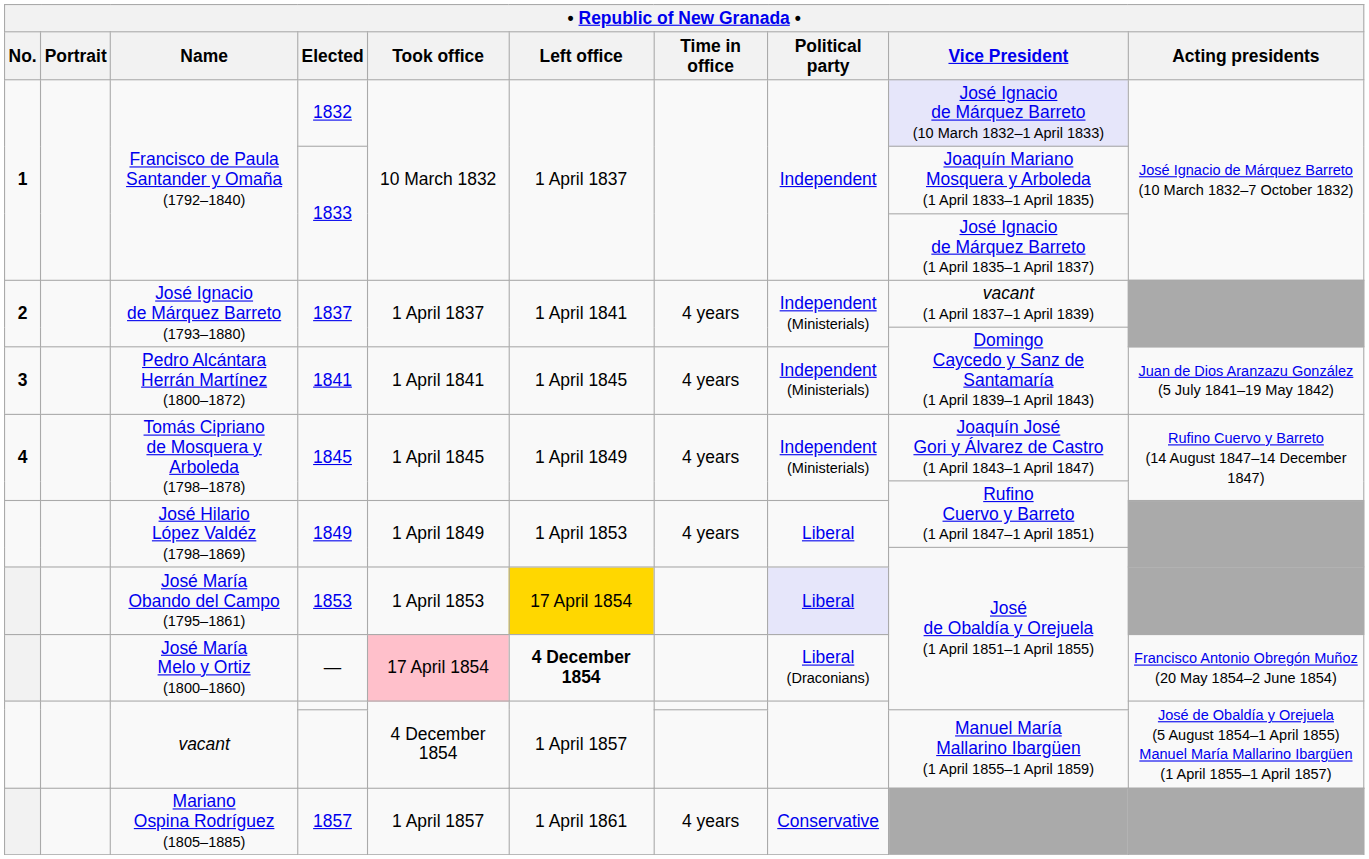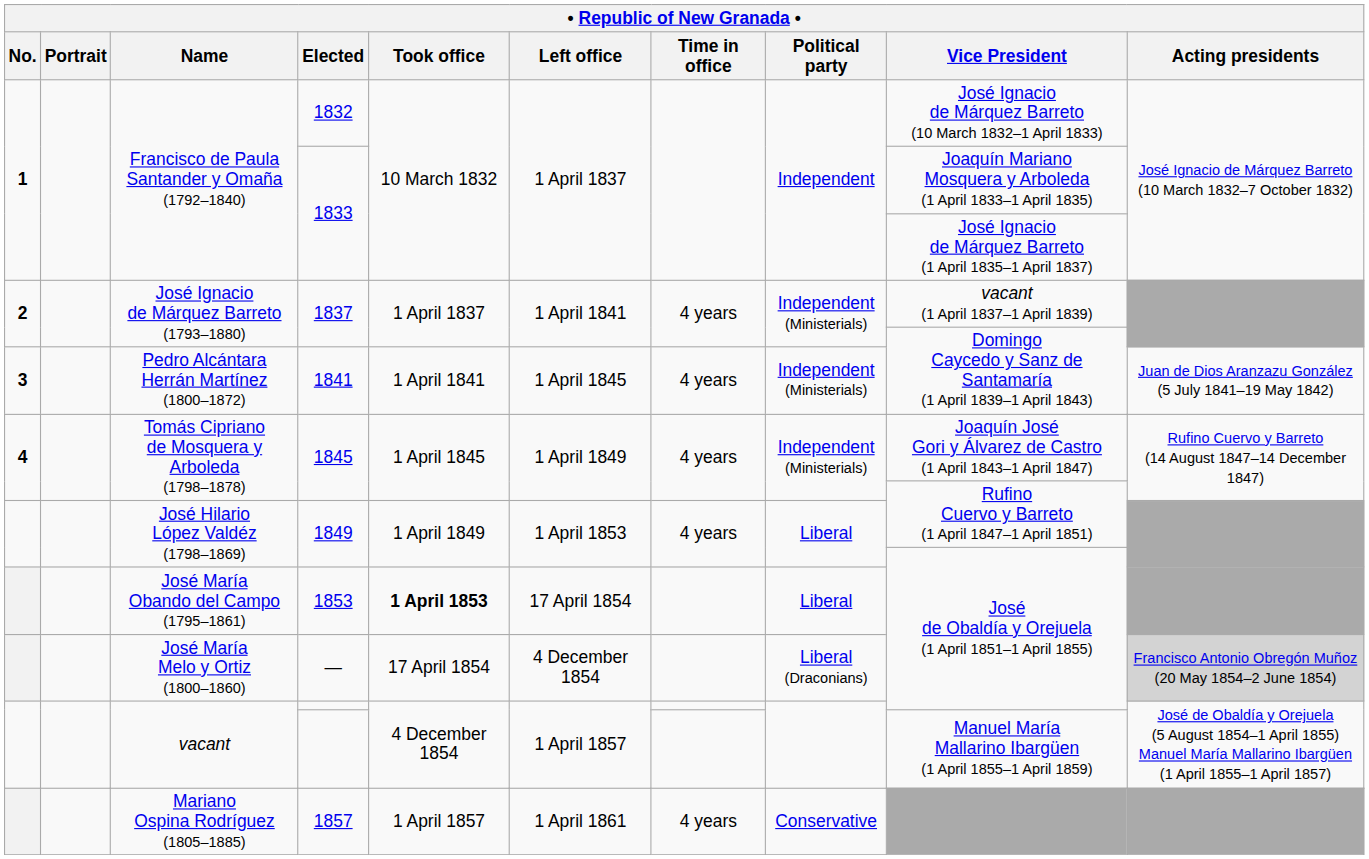 <table class="wikitable" style="text-align: center;">
 <tr>
 <th colspan="10"> • <a href='#'>Republic of New Granada</a> • </th>
 </tr>
 <tr>
 <th>No.<br></th>
 <th>Portrait</th>
 <th>Name<br></th>
 <th>Elected</th>
 <th>Took office</th>
 <th>Left office</th>
 <th><strong>Time in office</strong></th>
 <th>Political party</th>
 <th><a href='#'>Vice President</a></th>
 <th>Acting presidents</th>
 </tr>
 <tr>
 <td rowspan="3"><strong>1</strong></td>
 <td rowspan="3"></td>
 <td rowspan="3"><a href='#'>Francisco de Paula<br>Santander y Omaña</a><br><small>(1792–1840)</small><br></td>
 <td><a href='#'>1832</a></td>
 <td rowspan="3">10 March 1832</td>
 <td rowspan="3">1 April 1837</td>
 <td rowspan="3"></td>
 <td rowspan="3"><a href='#'>Independent</a></td>
-<td style="background: lavender;"><a href='#'>José Ignacio<br>de Márquez Barreto</a><br><small>(10 March 1832–1 April 1833)</small></td>
+<td><a href='#'>José Ignacio<br>de Márquez Barreto</a><br><small>(10 March 1832–1 April 1833)</small></td>
 <td rowspan="3"><small><a href='#'>José Ignacio de Márquez Barreto</a></small><br><small>(10 March 1832–7 October 1832)</small></td>
 </tr>
 <tr>
 <td rowspan="2"><a href='#'>1833</a></td>
 <td><a href='#'>Joaquín Mariano<br>Mosquera y Arboleda</a><br><small>(1 April 1833–1 April 1835)</small></td>
 </tr>
 <tr>
 <td><a href='#'>José Ignacio<br>de Márquez Barreto</a><br><small>(1 April 1835–1 April 1837)</small></td>
 </tr>
 <tr>
 <td rowspan="2"><strong>2</strong></td>
 <td rowspan="2"></td>
 <td rowspan="2"><a href='#'>José Ignacio<br>de Márquez Barreto</a><br><small>(1793–1880)</small><br></td>
 <td rowspan="2"><a href='#'>1837</a></td>
 <td rowspan="2">1 April 1837</td>
 <td rowspan="2">1 April 1841</td>
 <td rowspan="2">4 years</td>
 <td rowspan="2"><a href='#'>Independent</a><br><small>(Ministerials)</small></td>
 <td><em>vacant</em><br><small>(1 April 1837–1 April 1839)</small></td>
 <td rowspan="2" bgcolor=#aaaaaa></td>
 </tr>
 <tr>
 <td rowspan="2"><a href='#'>Domingo<br>Caycedo y Sanz de Santamaría</a><br><small>(1 April 1839–1 April 1843)</small></td>
 </tr>
 <tr>
 <td rowspan="2"><strong>3</strong></td>
 <td rowspan="2"></td>
 <td rowspan="2"><a href='#'>Pedro Alcántara<br>Herrán Martínez</a><br><small>(1800–1872)</small><br></td>
 <td rowspan="2"><a href='#'>1841</a></td>
 <td rowspan="2">1 April 1841</td>
 <td rowspan="2">1 April 1845</td>
 <td rowspan="2">4 years</td>
 <td rowspan="2"><a href='#'>Independent</a><br><small>(Ministerials)</small></td>
 <td rowspan="2"><small><a href='#'>Juan de Dios Aranzazu González</a></small><br><small>(5 July 1841–19 May 1842)</small></td>
 </tr>
 <tr>
 <td rowspan="2"><a href='#'>Joaquín José<br>Gori y Álvarez de Castro</a><br><small>(1 April 1843–1 April 1847)</small></td>
 </tr>
 <tr>
 <td rowspan="2"><strong>4</strong></td>
 <td rowspan="2"></td>
 <td rowspan="2"><a href='#'>Tomás Cipriano<br>de Mosquera y Arboleda</a><br><small>(1798–1878)</small><br></td>
 <td rowspan="2"><a href='#'>1845</a></td>
 <td rowspan="2">1 April 1845</td>
 <td rowspan="2">1 April 1849</td>
 <td rowspan="2">4 years</td>
 <td rowspan="2"><a href='#'>Independent</a><br><small>(Ministerials)</small></td>
 <td rowspan="2"><small><a href='#'>Rufino Cuervo y Barreto</a></small><br><small>(14 August 1847–14 December 1847)</small></td>
 </tr>
 <tr>
 <td rowspan="2"><a href='#'>Rufino<br>Cuervo y Barreto</a><br><small>(1 April 1847–1 April 1851)</small></td>
 </tr>
 <tr>
 <td rowspan="2" ! style="background:"></td>
 <td rowspan="2"></td>
 <td rowspan="2"><a href='#'>José Hilario<br>López Valdéz</a><br><small>(1798–1869)</small><br></td>
 <td rowspan="2"><a href='#'>1849</a></td>
 <td rowspan="2">1 April 1849</td>
 <td rowspan="2">1 April 1853</td>
 <td rowspan="2">4 years</td>
 <td rowspan="2"><a href='#'>Liberal</a></td>
 <td rowspan="2" bgcolor=#aaaaaa></td>
 </tr>
 <tr>
 <td rowspan="4"><a href='#'>José<br>de Obaldía y Orejuela</a><br><small>(1 April 1851–1 April 1855)</small></td>
 </tr>
 <tr>
 <th style="background:"></th>
 <td></td>
 <td><a href='#'>José María<br>Obando del Campo</a><br><small>(1795–1861)</small><br></td>
 <td><a href='#'>1853</a></td>
-<td>1 April 1853</td>
-<td style="background: gold;">17 April 1854</td>
+<td><strong>1 April 1853</strong></td>
+<td>17 April 1854</td>
 <td></td>
-<td style="background: lavender;"><a href='#'>Liberal</a></td>
+<td><a href='#'>Liberal</a></td>
 <td bgcolor=#aaaaaa></td>
 </tr>
 <tr>
 <th style="background:"></th>
 <td></td>
 <td><a href='#'>José María<br>Melo y Ortiz</a><br><small>(1800–1860)</small><br></td>
 <td>—</td>
-<td style="background: pink;">17 April 1854<br></td>
-<td><strong>4 December 1854</strong></td>
+<td>17 April 1854<br></td>
+<td>4 December 1854</td>
 <td></td>
 <td><a href='#'>Liberal</a><br><small>(Draconians)</small></td>
-<td><small><a href='#'>Francisco Antonio Obregón Muñoz</a></small><br><small>(20 May 1854–2 June 1854)</small></td>
+<td style="background: lightgrey;"><small><a href='#'>Francisco Antonio Obregón Muñoz</a></small><br><small>(20 May 1854–2 June 1854)</small></td>
 </tr>
 <tr>
 <td rowspan="2"></td>
 <td rowspan="2"></td>
 <td rowspan="2"><em>vacant</em></td>
 <td></td>
 <td rowspan="2">4 December 1854</td>
 <td rowspan="2">1 April 1857</td>
 <td></td>
 <td rowspan="2"></td>
 <td rowspan="2"><small><a href='#'>José de Obaldía y Orejuela</a></small><br><small>(5 August 1854–1 April 1855)</small><br><small><a href='#'>Manuel María Mallarino Ibargüen</a></small><br><small>(1 April 1855–1 April 1857)</small></td>
 </tr>
 <tr>
 <td></td>
 <td></td>
 <td rowspan="2"><a href='#'>Manuel María<br>Mallarino Ibargüen</a><br><small>(1 April 1855–1 April 1859)</small></td>
 </tr>
 <tr>
 <th rowspan="2" style="background:"></th>
 <td rowspan="2"></td>
 <td rowspan="2"><a href='#'>Mariano<br>Ospina Rodríguez</a><br><small>(1805–1885)</small><br></td>
 <td rowspan="2"><a href='#'>1857</a></td>
 <td rowspan="2">1 April 1857</td>
 <td rowspan="2">1 April 1861</td>
 <td rowspan="2">4 years</td>
 <td rowspan="2"><a href='#'>Conservative</a></td>
 <td rowspan="2" bgcolor=#aaaaaa></td>
 </tr>
 <tr>
 <td bgcolor=#aaaaaa></td>
 </tr>
 </table>
